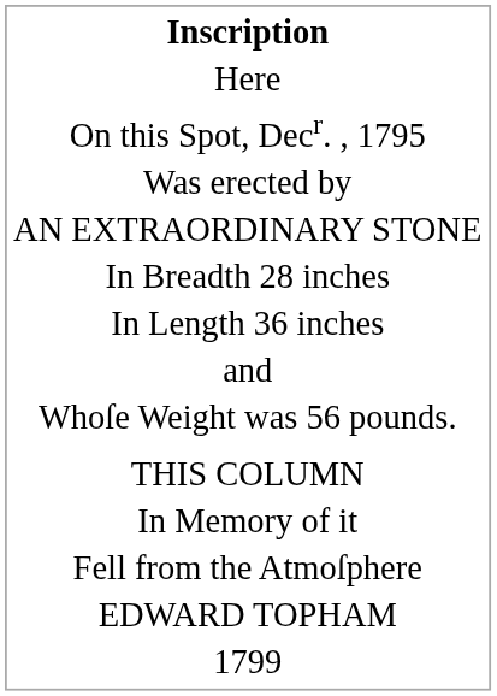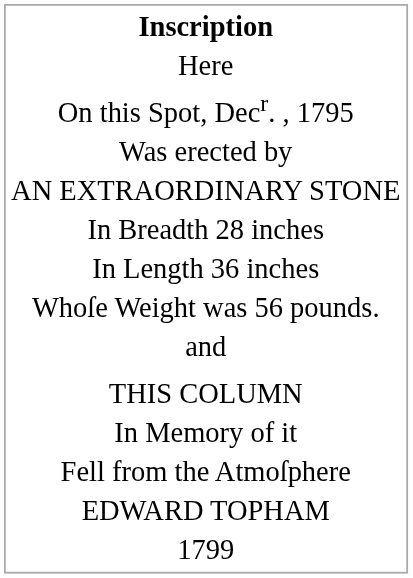 <table style="border: 1px solid #aaa; text-align: center">
 <tr>
 <th>Inscription</th>
 </tr>
 <tr>
 <td>Here</td>
 </tr>
 <tr>
 <td>On this Spot, Dec<sup>r</sup>. , 1795</td>
 </tr>
 <tr>
 <td>Was erected by</td>
 </tr>
 <tr>
 <td>AN EXTRAORDINARY STONE</td>
 </tr>
 <tr>
 <td>In Breadth 28 inches</td>
 </tr>
 <tr>
 <td>In Length 36 inches</td>
 </tr>
 <tr>
-<td>and</td>
+<td>Whoſe Weight was 56 pounds.</td>
 </tr>
 <tr>
-<td>Whoſe Weight was 56 pounds.</td>
+<td>and</td>
 </tr>
 <tr>
 </tr>
 <tr --->
 </tr>
 <tr>
 <td>THIS COLUMN</td>
 </tr>
 <tr>
 <td>In Memory of it</td>
 </tr>
 <tr>
 <td>Fell from the Atmoſphere</td>
 </tr>
 <tr>
 <td>EDWARD TOPHAM</td>
 </tr>
 <tr>
 <td>1799</td>
 </tr>
 </table>
